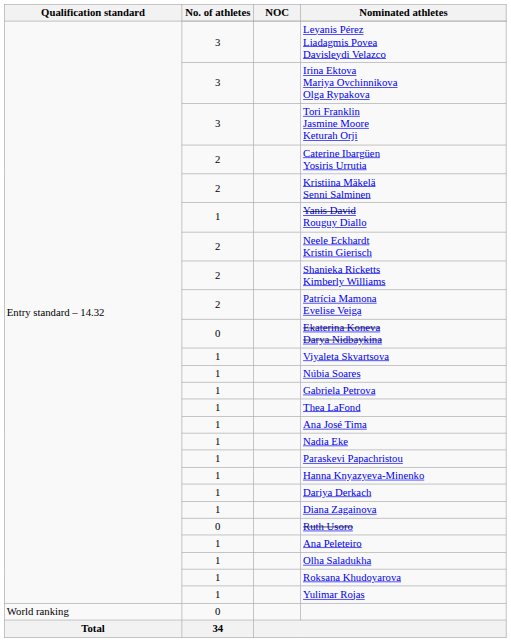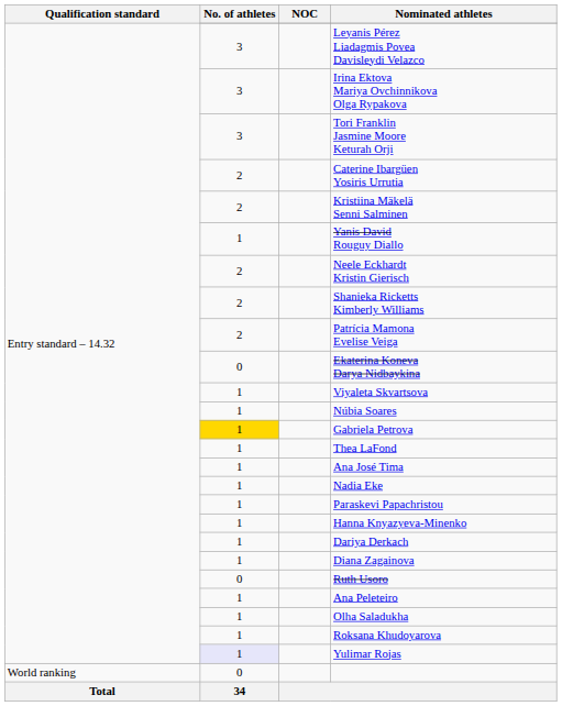 <table class="wikitable" style="text-align:left; width:750px;">
 <tr>
 <th>Qualification standard</th>
 <th width=100>No. of athletes</th>
 <th>NOC</th>
 <th>Nominated athletes</th>
 </tr>
 <tr>
 <td rowspan=26>Entry standard – 14.32</td>
 </tr>
 <tr>
 <td align=center>3</td>
 <td></td>
 <td><a href='#'>Leyanis Pérez</a><br><a href='#'>Liadagmis Povea</a><br><a href='#'>Davisleydi Velazco</a></td>
 </tr>
 <tr>
 <td align=center>3</td>
 <td></td>
 <td><a href='#'>Irina Ektova</a><br><a href='#'>Mariya Ovchinnikova</a><br><a href='#'>Olga Rypakova</a></td>
 </tr>
 <tr>
 <td align=center>3</td>
 <td></td>
 <td><a href='#'>Tori Franklin</a><br><a href='#'>Jasmine Moore</a><br><a href='#'>Keturah Orji</a></td>
 </tr>
 <tr>
 <td align=center>2</td>
 <td></td>
 <td><a href='#'>Caterine Ibargüen</a><br><a href='#'>Yosiris Urrutia</a></td>
 </tr>
 <tr>
 <td align=center>2</td>
 <td></td>
 <td><a href='#'>Kristiina Mäkelä</a><br><a href='#'>Senni Salminen</a></td>
 </tr>
 <tr>
 <td align=center>1</td>
 <td></td>
 <td><s><a href='#'>Yanis David</a></s><br><a href='#'>Rouguy Diallo</a></td>
 </tr>
 <tr>
 <td align=center>2</td>
 <td></td>
 <td><a href='#'>Neele Eckhardt</a><br><a href='#'>Kristin Gierisch</a></td>
 </tr>
 <tr>
 <td align=center>2</td>
 <td></td>
 <td><a href='#'>Shanieka Ricketts</a><br><a href='#'>Kimberly Williams</a></td>
 </tr>
 <tr>
 <td align=center>2</td>
 <td></td>
 <td><a href='#'>Patrícia Mamona</a><br><a href='#'>Evelise Veiga</a></td>
 </tr>
 <tr>
 <td align=center>0</td>
 <td></td>
 <td><s><a href='#'>Ekaterina Koneva</a><br><a href='#'>Darya Nidbaykina</a></s></td>
 </tr>
 <tr>
 <td align=center>1</td>
 <td></td>
 <td><a href='#'>Viyaleta Skvartsova</a></td>
 </tr>
 <tr>
 <td align=center>1</td>
 <td></td>
 <td><a href='#'>Núbia Soares</a></td>
 </tr>
 <tr>
-<td align=center>1</td>
+<td align=center style="background: gold;">1</td>
 <td></td>
 <td><a href='#'>Gabriela Petrova</a></td>
 </tr>
 <tr>
 <td align=center>1</td>
 <td></td>
 <td><a href='#'>Thea LaFond</a></td>
 </tr>
 <tr>
 <td align=center>1</td>
 <td></td>
 <td><a href='#'>Ana José Tima</a></td>
 </tr>
 <tr>
 <td align=center>1</td>
 <td></td>
 <td><a href='#'>Nadia Eke</a></td>
 </tr>
 <tr>
 <td align=center>1</td>
 <td></td>
 <td><a href='#'>Paraskevi Papachristou</a></td>
 </tr>
 <tr>
 <td align=center>1</td>
 <td></td>
 <td><a href='#'>Hanna Knyazyeva-Minenko</a></td>
 </tr>
 <tr>
 <td align=center>1</td>
 <td></td>
 <td><a href='#'>Dariya Derkach</a></td>
 </tr>
 <tr>
 <td align=center>1</td>
 <td></td>
 <td><a href='#'>Diana Zagainova</a></td>
 </tr>
 <tr>
 <td align=center>0</td>
 <td></td>
 <td><s><a href='#'>Ruth Usoro</a></s></td>
 </tr>
 <tr>
 <td align=center>1</td>
 <td></td>
 <td><a href='#'>Ana Peleteiro</a></td>
 </tr>
 <tr>
 <td align=center>1</td>
 <td></td>
 <td><a href='#'>Olha Saladukha</a></td>
 </tr>
 <tr>
 <td align=center>1</td>
 <td></td>
 <td><a href='#'>Roksana Khudoyarova</a></td>
 </tr>
 <tr>
-<td align=center>1</td>
+<td align=center style="background: lavender;">1</td>
 <td></td>
 <td><a href='#'>Yulimar Rojas</a></td>
 </tr>
 <tr>
 <td>World ranking</td>
 <td align=center>0</td>
 <td></td>
 <td></td>
 </tr>
 <tr>
 <th>Total</th>
 <th>34</th>
 <th colspan=2></th>
 </tr>
 </table>
